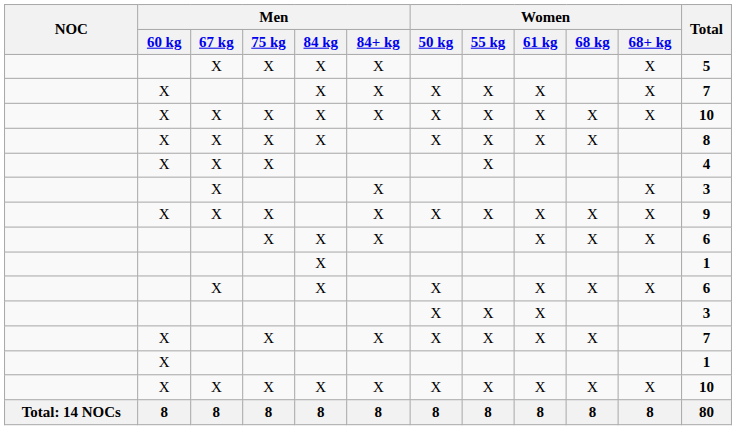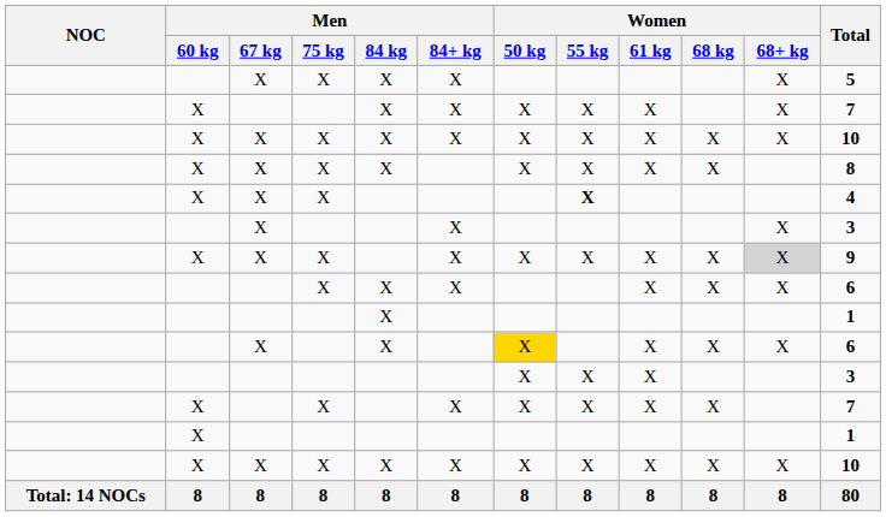 <table class="wikitable" width=700 style="text-align:center; font-size:90%">
 <tr>
 <th rowspan="2" align="left">NOC</th>
 <th colspan="5">Men</th>
 <th colspan="5">Women</th>
 <th rowspan="2">Total</th>
 </tr>
 <tr>
 <th><a href='#'>60 kg</a></th>
 <th><a href='#'>67 kg</a></th>
 <th><a href='#'>75 kg</a></th>
 <th><a href='#'>84 kg</a></th>
 <th><a href='#'>84+ kg</a></th>
 <th><a href='#'>50 kg</a></th>
 <th><a href='#'>55 kg</a></th>
 <th><a href='#'>61 kg</a></th>
 <th><a href='#'>68 kg</a></th>
 <th><a href='#'>68+ kg</a></th>
 </tr>
 <tr>
 <td align="left"></td>
 <td></td>
 <td>X</td>
 <td>X</td>
 <td>X</td>
 <td>X</td>
 <td></td>
 <td></td>
 <td></td>
 <td></td>
 <td>X</td>
 <td><strong>5</strong></td>
 </tr>
 <tr>
 <td align="left"></td>
 <td>X</td>
 <td></td>
 <td></td>
 <td>X</td>
 <td>X</td>
 <td>X</td>
 <td>X</td>
 <td>X</td>
 <td></td>
 <td>X</td>
 <td><strong>7</strong></td>
 </tr>
 <tr>
 <td align="left"></td>
 <td>X</td>
 <td>X</td>
 <td>X</td>
 <td>X</td>
 <td>X</td>
 <td>X</td>
 <td>X</td>
 <td>X</td>
 <td>X</td>
 <td>X</td>
 <td><strong>10</strong></td>
 </tr>
 <tr>
 <td align="left"></td>
 <td>X</td>
 <td>X</td>
 <td>X</td>
 <td>X</td>
 <td></td>
 <td>X</td>
 <td>X</td>
 <td>X</td>
 <td>X</td>
 <td></td>
 <td><strong>8</strong></td>
 </tr>
 <tr>
 <td align="left"></td>
 <td>X</td>
 <td>X</td>
 <td>X</td>
 <td></td>
 <td></td>
 <td></td>
-<td>X</td>
+<td><strong>X</strong></td>
 <td></td>
 <td></td>
 <td></td>
 <td><strong>4</strong></td>
 </tr>
 <tr>
 <td align="left"></td>
 <td></td>
 <td>X</td>
 <td></td>
 <td></td>
 <td>X</td>
 <td></td>
 <td></td>
 <td></td>
 <td></td>
 <td>X</td>
 <td><strong>3</strong></td>
 </tr>
 <tr>
 <td align="left"></td>
 <td>X</td>
 <td>X</td>
 <td>X</td>
 <td></td>
 <td>X</td>
 <td>X</td>
 <td>X</td>
 <td>X</td>
 <td>X</td>
-<td>X</td>
+<td style="background: lightgrey;">X</td>
 <td><strong>9</strong></td>
 </tr>
 <tr>
 <td align="left"></td>
 <td></td>
 <td></td>
 <td>X</td>
 <td>X</td>
 <td>X</td>
 <td></td>
 <td></td>
 <td>X</td>
 <td>X</td>
 <td>X</td>
 <td><strong>6</strong></td>
 </tr>
 <tr>
 <td align="left"></td>
 <td></td>
 <td></td>
 <td></td>
 <td>X</td>
 <td></td>
 <td></td>
 <td></td>
 <td></td>
 <td></td>
 <td></td>
 <td><strong>1</strong></td>
 </tr>
 <tr>
 <td align="left"></td>
 <td></td>
 <td>X</td>
 <td></td>
 <td>X</td>
 <td></td>
-<td>X</td>
+<td style="background: gold;">X</td>
 <td></td>
 <td>X</td>
 <td>X</td>
 <td>X</td>
 <td><strong>6</strong></td>
 </tr>
 <tr>
 <td align="left"></td>
 <td></td>
 <td></td>
 <td></td>
 <td></td>
 <td></td>
 <td>X</td>
 <td>X</td>
 <td>X</td>
 <td></td>
 <td></td>
 <td><strong>3</strong></td>
 </tr>
 <tr>
 <td align="left"></td>
 <td>X</td>
 <td></td>
 <td>X</td>
 <td></td>
 <td>X</td>
 <td>X</td>
 <td>X</td>
 <td>X</td>
 <td>X</td>
 <td></td>
 <td><strong>7</strong></td>
 </tr>
 <tr>
 <td align="left"></td>
 <td>X</td>
 <td></td>
 <td></td>
 <td></td>
 <td></td>
 <td></td>
 <td></td>
 <td></td>
 <td></td>
 <td></td>
 <td><strong>1</strong></td>
 </tr>
 <tr>
 <td align="left"></td>
 <td>X</td>
 <td>X</td>
 <td>X</td>
 <td>X</td>
 <td>X</td>
 <td>X</td>
 <td>X</td>
 <td>X</td>
 <td>X</td>
 <td>X</td>
 <td><strong>10</strong></td>
 </tr>
 <tr>
 <th>Total: 14 NOCs</th>
 <th>8</th>
 <th>8</th>
 <th>8</th>
 <th>8</th>
 <th>8</th>
 <th>8</th>
 <th>8</th>
 <th>8</th>
 <th>8</th>
 <th>8</th>
 <th>80</th>
 </tr>
 </table>
